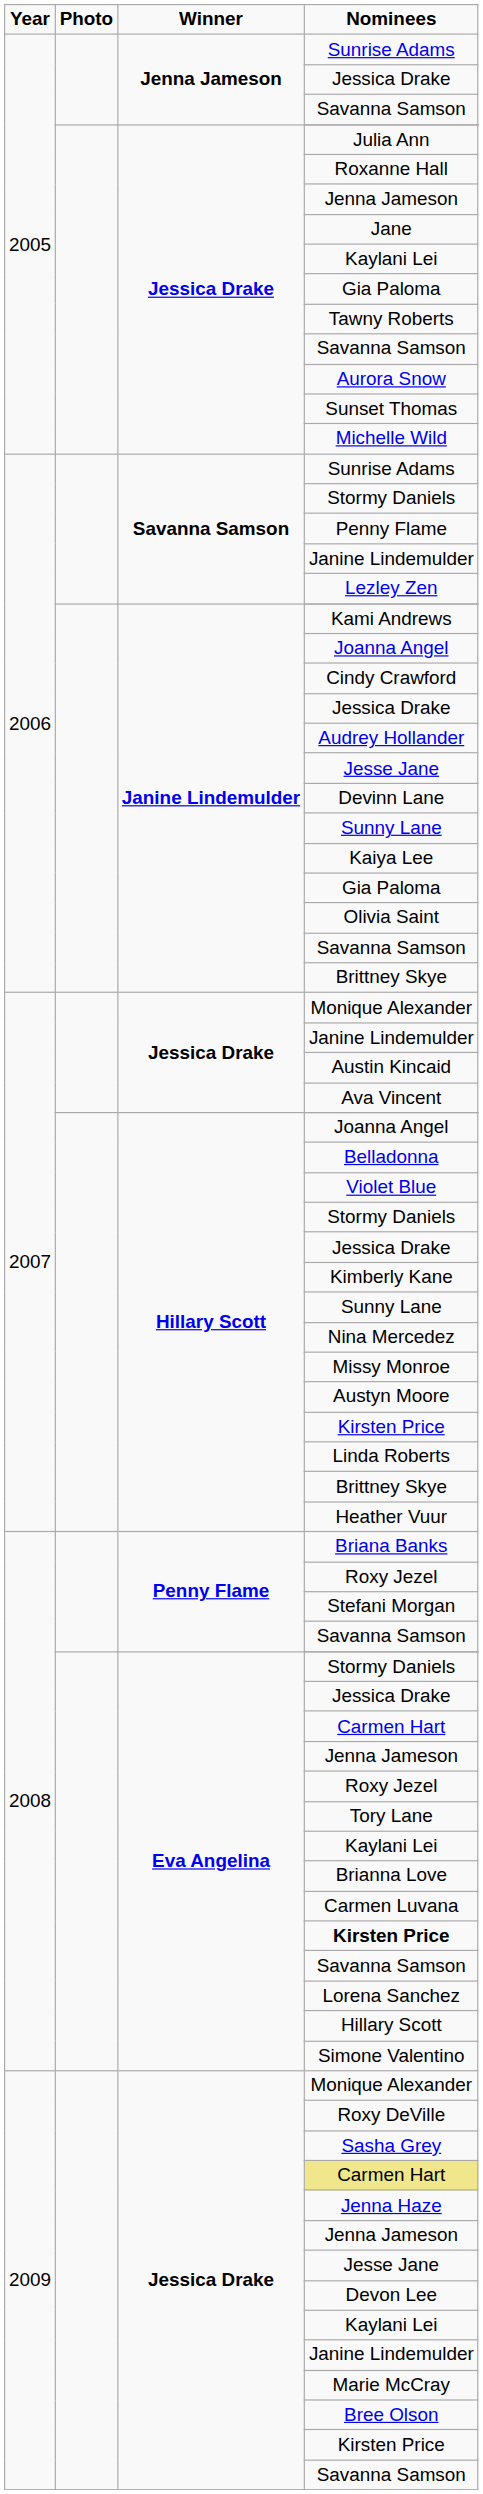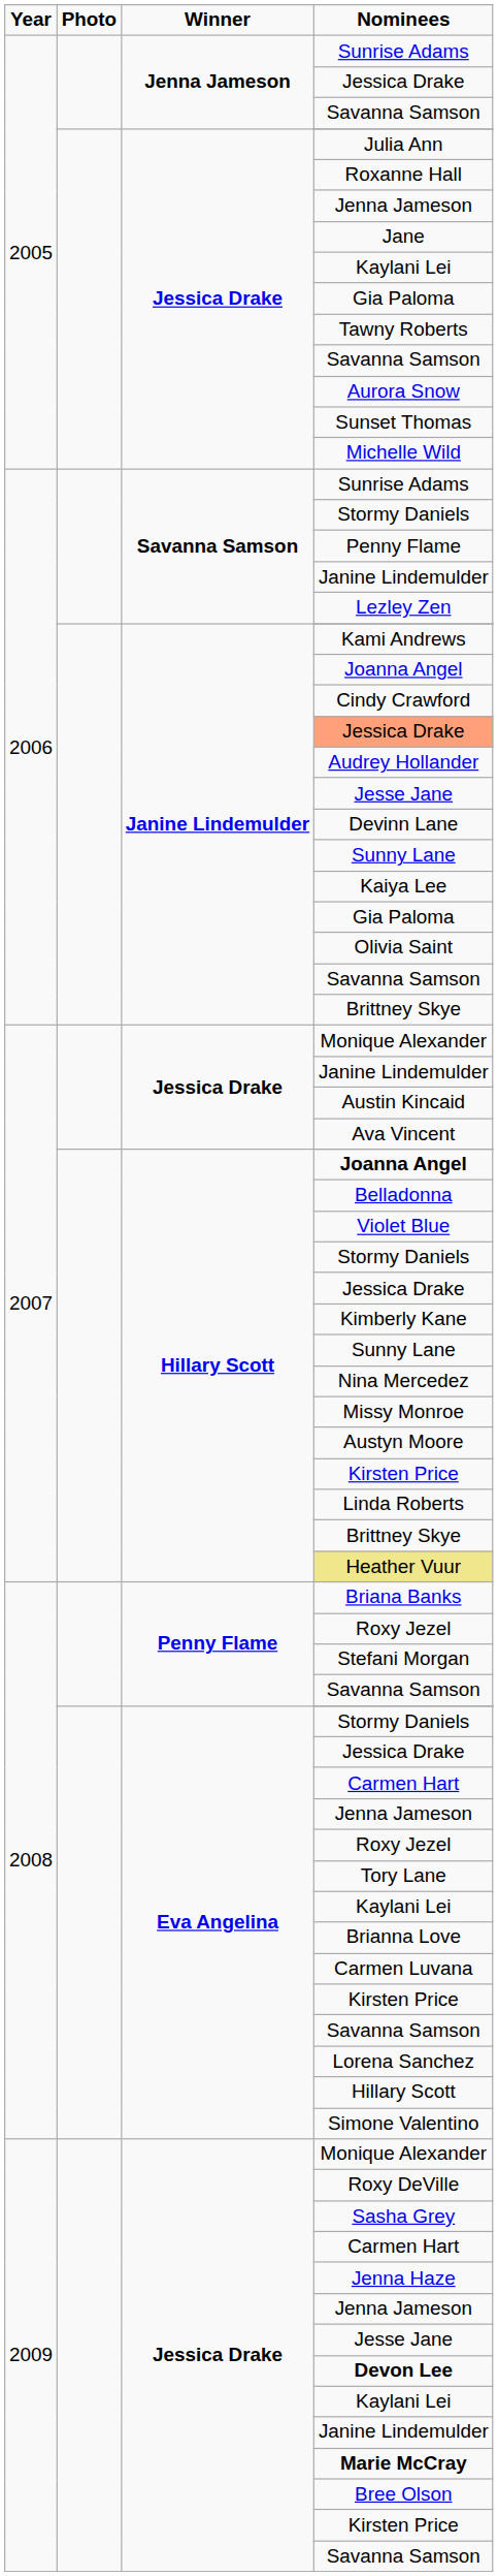 <table class=wikitable>
 <tr>
 <td align=center><strong>Year</strong></td>
 <td align=center><strong>Photo</strong></td>
 <td align=center><strong>Winner<br></strong></td>
 <td align=center><strong>Nominees<br></strong></td>
 </tr>
 <tr>
 <td rowspan=15>2005</td>
 <td rowspan=3 align=center></td>
 <td rowspan=3 align=center><strong>Jenna Jameson</strong> <br></td>
 <td align=center><a href='#'>Sunrise Adams</a><br></td>
 </tr>
 <tr>
 <td align=center>Jessica Drake<br></td>
 </tr>
 <tr>
 <td align=center>Savanna Samson<br></td>
 </tr>
 <tr>
 <td rowspan=12 align=center></td>
 <td rowspan=12 align=center><strong><a href='#'>Jessica Drake</a></strong> <br></td>
 </tr>
 <tr>
 <td align=center>Julia Ann<br></td>
 </tr>
 <tr>
 <td align=center>Roxanne Hall<br></td>
 </tr>
 <tr>
 <td align=center>Jenna Jameson<br></td>
 </tr>
 <tr>
 <td align=center>Jane<br></td>
 </tr>
 <tr>
 <td align=center>Kaylani Lei<br></td>
 </tr>
 <tr>
 <td align=center>Gia Paloma<br></td>
 </tr>
 <tr>
 <td align=center>Tawny Roberts<br></td>
 </tr>
 <tr>
 <td align=center>Savanna Samson<br></td>
 </tr>
 <tr>
 <td align=center><a href='#'>Aurora Snow</a><br></td>
 </tr>
 <tr>
 <td align=center>Sunset Thomas<br></td>
 </tr>
 <tr>
 <td align=center><a href='#'>Michelle Wild</a><br></td>
 </tr>
 <tr>
 <td rowspan=19>2006</td>
 <td rowspan=5 align=center></td>
 <td rowspan=5 align=center><strong>Savanna Samson</strong> <br></td>
 <td align=center>Sunrise Adams<br></td>
 </tr>
 <tr>
 <td align=center>Stormy Daniels<br></td>
 </tr>
 <tr>
 <td align=center>Penny Flame<br></td>
 </tr>
 <tr>
 <td align=center>Janine Lindemulder<br></td>
 </tr>
 <tr>
 <td align=center><a href='#'>Lezley Zen</a><br></td>
 </tr>
 <tr>
 <td rowspan=14 align=center></td>
 <td rowspan=14 align=center><strong><a href='#'>Janine Lindemulder</a></strong> <br></td>
 </tr>
 <tr>
 <td align=center>Kami Andrews<br></td>
 </tr>
 <tr>
 <td align=center><a href='#'>Joanna Angel</a><br></td>
 </tr>
 <tr>
 <td align=center>Cindy Crawford<br></td>
 </tr>
 <tr>
-<td align=center>Jessica Drake<br></td>
+<td align=center style="background: lightsalmon;">Jessica Drake<br></td>
 </tr>
 <tr>
 <td align=center><a href='#'>Audrey Hollander</a><br></td>
 </tr>
 <tr>
 <td align=center><a href='#'>Jesse Jane</a><br></td>
 </tr>
 <tr>
 <td align=center>Devinn Lane<br></td>
 </tr>
 <tr>
 <td align=center><a href='#'>Sunny Lane</a><br></td>
 </tr>
 <tr>
 <td align=center>Kaiya Lee<br></td>
 </tr>
 <tr>
 <td align=center>Gia Paloma<br></td>
 </tr>
 <tr>
 <td align=center>Olivia Saint<br></td>
 </tr>
 <tr>
 <td align=center>Savanna Samson<br></td>
 </tr>
 <tr>
 <td align=center>Brittney Skye<br></td>
 </tr>
 <tr>
 <td rowspan=19>2007</td>
 <td rowspan=4 align=center></td>
 <td rowspan=4 align=center><strong>Jessica Drake</strong> <br></td>
 <td align=center>Monique Alexander<br></td>
 </tr>
 <tr>
 <td align=center>Janine Lindemulder<br></td>
 </tr>
 <tr>
 <td align=center>Austin Kincaid<br></td>
 </tr>
 <tr>
 <td align=center>Ava Vincent<br></td>
 </tr>
 <tr>
 <td rowspan=15 align=center></td>
 <td rowspan=15 align=center><strong><a href='#'>Hillary Scott</a></strong> <br></td>
 </tr>
 <tr>
-<td align=center>Joanna Angel<br></td>
+<td align=center><strong>Joanna Angel<br></strong></td>
 </tr>
 <tr>
 <td align=center><a href='#'>Belladonna</a><br></td>
 </tr>
 <tr>
 <td align=center><a href='#'>Violet Blue</a><br></td>
 </tr>
 <tr>
 <td align=center>Stormy Daniels<br></td>
 </tr>
 <tr>
 <td align=center>Jessica Drake<br></td>
 </tr>
 <tr>
 <td align=center>Kimberly Kane<br></td>
 </tr>
 <tr>
 <td align=center>Sunny Lane<br></td>
 </tr>
 <tr>
 <td align=center>Nina Mercedez<br></td>
 </tr>
 <tr>
 <td align=center>Missy Monroe<br></td>
 </tr>
 <tr>
 <td align=center>Austyn Moore<br></td>
 </tr>
 <tr>
 <td align=center><a href='#'>Kirsten Price</a><br></td>
 </tr>
 <tr>
 <td align=center>Linda Roberts<br></td>
 </tr>
 <tr>
 <td align=center>Brittney Skye<br></td>
 </tr>
 <tr>
-<td align=center>Heather Vuur<br></td>
+<td align=center style="background: khaki;">Heather Vuur<br></td>
 </tr>
 <tr>
 <td rowspan=19>2008</td>
 <td rowspan=4 align=center></td>
 <td rowspan=4 align=center><strong><a href='#'>Penny Flame</a></strong> <br></td>
 <td align=center><a href='#'>Briana Banks</a><br></td>
 </tr>
 <tr>
 <td align=center>Roxy Jezel<br></td>
 </tr>
 <tr>
 <td align=center>Stefani Morgan<br></td>
 </tr>
 <tr>
 <td align=center>Savanna Samson<br></td>
 </tr>
 <tr>
 <td rowspan=15 align=center></td>
 <td rowspan=15 align=center><strong><a href='#'>Eva Angelina</a></strong> <br></td>
 </tr>
 <tr>
 <td align=center>Stormy Daniels<br></td>
 </tr>
 <tr>
 <td align=center>Jessica Drake<br></td>
 </tr>
 <tr>
 <td align=center><a href='#'>Carmen Hart</a><br></td>
 </tr>
 <tr>
 <td align=center>Jenna Jameson<br></td>
 </tr>
 <tr>
 <td align=center>Roxy Jezel<br></td>
 </tr>
 <tr>
 <td align=center>Tory Lane<br></td>
 </tr>
 <tr>
 <td align=center>Kaylani Lei<br></td>
 </tr>
 <tr>
 <td align=center>Brianna Love<br></td>
 </tr>
 <tr>
 <td align=center>Carmen Luvana<br></td>
 </tr>
 <tr>
-<td align=center><strong>Kirsten Price<br></strong></td>
+<td align=center>Kirsten Price<br></td>
 </tr>
 <tr>
 <td align=center>Savanna Samson<br></td>
 </tr>
 <tr>
 <td align=center>Lorena Sanchez<br></td>
 </tr>
 <tr>
 <td align=center>Hillary Scott<br></td>
 </tr>
 <tr>
 <td align=center>Simone Valentino<br></td>
 </tr>
 <tr>
 <td rowspan=19>2009</td>
 <td rowspan=14 align=center></td>
 <td rowspan=14 align=center><strong>Jessica Drake</strong><br></td>
 <td align=center>Monique Alexander<br></td>
 </tr>
 <tr>
 <td align=center>Roxy DeVille<br></td>
 </tr>
 <tr>
 <td align=center><a href='#'>Sasha Grey</a><br></td>
 </tr>
 <tr>
-<td align=center style="background: khaki;">Carmen Hart<br></td>
+<td align=center>Carmen Hart<br></td>
 </tr>
 <tr>
 <td align=center><a href='#'>Jenna Haze</a><br></td>
 </tr>
 <tr>
 <td align=center>Jenna Jameson<br></td>
 </tr>
 <tr>
 <td align=center>Jesse Jane<br></td>
 </tr>
 <tr>
-<td align=center>Devon Lee<br></td>
+<td align=center><strong>Devon Lee<br></strong></td>
 </tr>
 <tr>
 <td align=center>Kaylani Lei<br></td>
 </tr>
 <tr>
 <td align=center>Janine Lindemulder<br></td>
 </tr>
 <tr>
-<td align=center>Marie McCray<br></td>
+<td align=center><strong>Marie McCray<br></strong></td>
 </tr>
 <tr>
 <td align=center><a href='#'>Bree Olson</a><br></td>
 </tr>
 <tr>
 <td align=center>Kirsten Price<br></td>
 </tr>
 <tr>
 <td align=center>Savanna Samson<br></td>
 </tr>
 </table>
